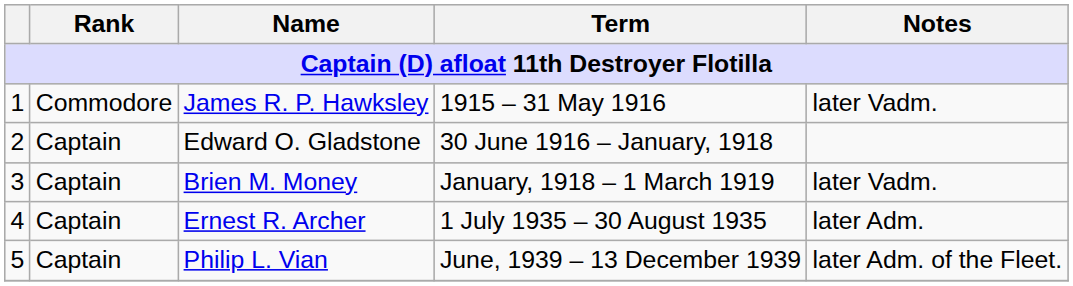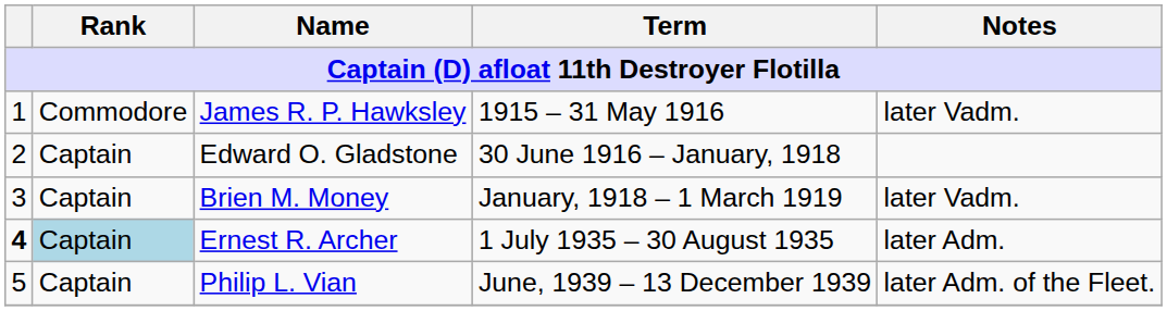 <table class="wikitable">
 <tr>
 <th></th>
 <th>Rank</th>
 <th>Name</th>
 <th>Term</th>
 <th>Notes</th>
 </tr>
 <tr>
 <td colspan="6" align="center" style="background:#dcdcfe;"><strong><a href='#'>Captain (D) afloat</a> 11th Destroyer Flotilla</strong></td>
 </tr>
 <tr>
 <td>1</td>
 <td>Commodore</td>
 <td><a href='#'>James R. P. Hawksley</a></td>
 <td>1915 – 31 May 1916</td>
 <td>later Vadm.</td>
 </tr>
 <tr>
 <td>2</td>
 <td>Captain</td>
 <td>Edward O. Gladstone</td>
 <td>30 June 1916 – January, 1918</td>
 <td></td>
 </tr>
 <tr>
 <td>3</td>
 <td>Captain</td>
 <td><a href='#'>Brien M. Money</a></td>
 <td>January, 1918 – 1 March 1919</td>
 <td>later Vadm.</td>
 </tr>
 <tr>
-<td>4</td>
-<td>Captain</td>
+<td><strong>4</strong></td>
+<td style="background: lightblue;">Captain</td>
 <td><a href='#'>Ernest R. Archer</a></td>
 <td>1 July 1935 – 30 August 1935</td>
 <td>later Adm.</td>
 </tr>
 <tr>
 <td>5</td>
 <td>Captain</td>
 <td><a href='#'>Philip L. Vian</a></td>
 <td>June, 1939 – 13 December 1939</td>
 <td>later Adm. of the Fleet.</td>
 </tr>
 <tr>
 </tr>
 </table>
